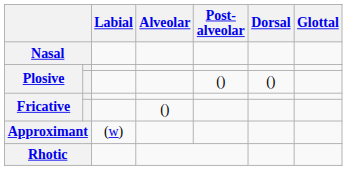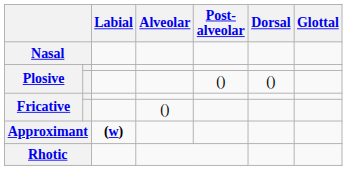 <table class=wikitable style=text-align:center>
 <tr>
 <th colspan="2"></th>
 <th><a href='#'>Labial</a></th>
 <th><a href='#'>Alveolar</a></th>
 <th><a href='#'>Post-<br>alveolar</a></th>
 <th><a href='#'>Dorsal</a></th>
 <th><a href='#'>Glottal</a></th>
 </tr>
 <tr>
 <th colspan="2"><a href='#'>Nasal</a></th>
 <td></td>
 <td></td>
 <td></td>
 <td></td>
 <td></td>
 </tr>
 <tr>
 <th rowspan="2"><a href='#'>Plosive</a></th>
 <th></th>
 <td></td>
 <td></td>
 <td></td>
 <td></td>
 <td></td>
 </tr>
 <tr>
 <th></th>
 <td></td>
 <td></td>
 <td>()</td>
 <td>()</td>
 <td></td>
 </tr>
 <tr>
 <th rowspan="2"><a href='#'>Fricative</a></th>
 <th></th>
 <td></td>
 <td></td>
 <td></td>
 <td></td>
 <td></td>
 </tr>
 <tr>
 <th></th>
 <td></td>
 <td>()</td>
 <td></td>
 <td></td>
 <td></td>
 </tr>
 <tr>
 <th colspan="2"><a href='#'>Approximant</a></th>
-<td>(<a href='#'>w</a>)</td>
+<td><strong>(<a href='#'>w</a>)</strong></td>
 <td></td>
 <td></td>
 <td></td>
 <td></td>
 </tr>
 <tr>
 <th colspan="2"><a href='#'>Rhotic</a></th>
 <td></td>
 <td colspan="2"></td>
 <td></td>
 <td></td>
 </tr>
 </table>
